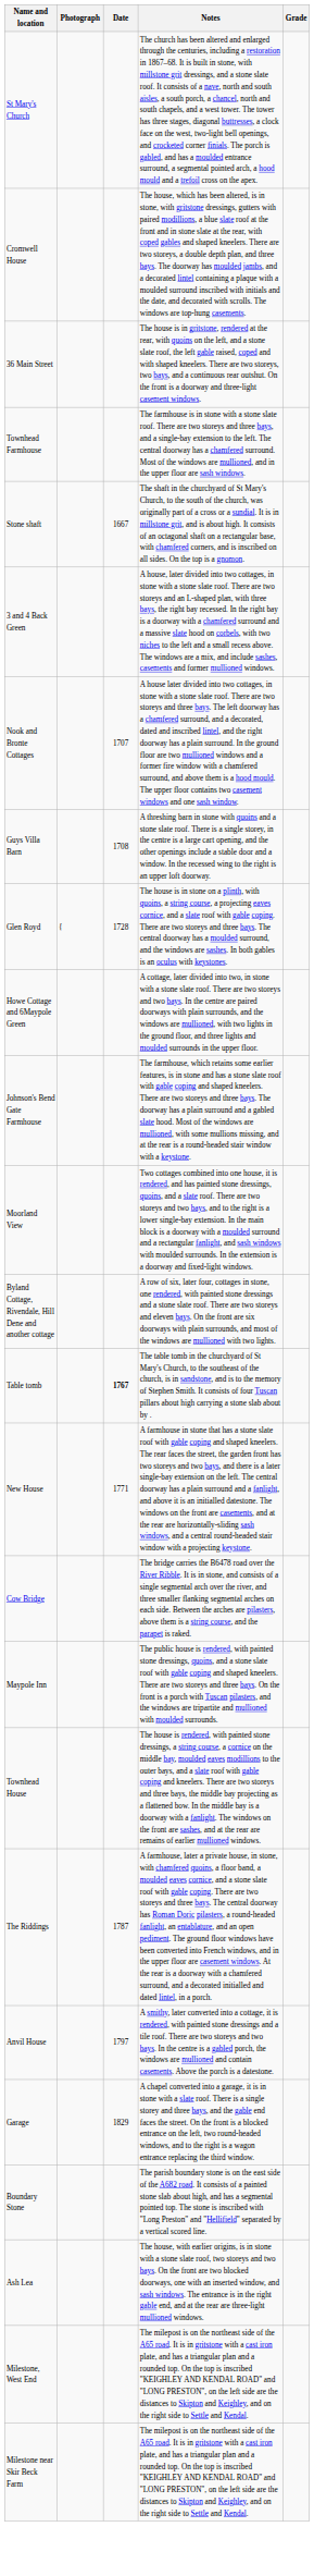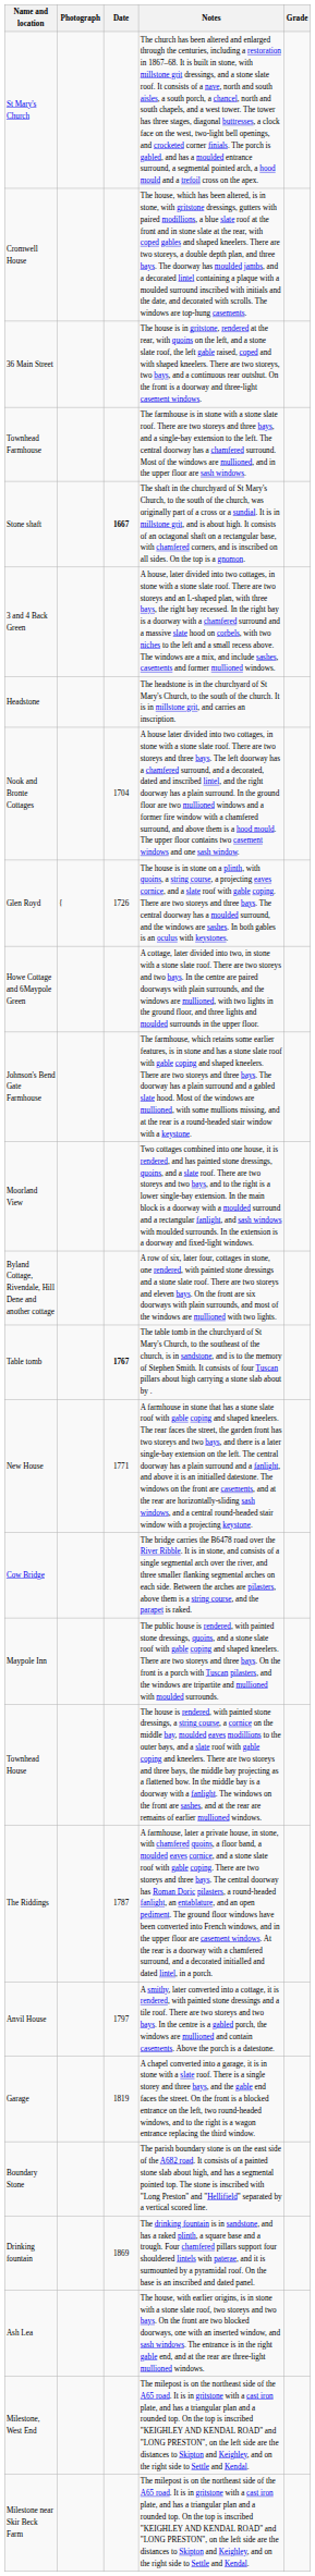 <table class="wikitable sortable plainrowheaders" style="width:100%; border:0px; text-align:left; line-height:150%">
 <tr>
 <th scope="col"  style="width:150px">Name and location</th>
 <th scope="col"  style="width:100px" class="unsortable">Photograph</th>
 <th scope="col"  style="width:120px">Date</th>
 <th scope="col"  style="width:650px" class="unsortable">Notes</th>
 <th scope="col"  style="width:50px">Grade</th>
 </tr>
 <tr>
 <td><a href='#'>St Mary's Church</a><br><small></small></td>
 <td></td>
 <td align="center"></td>
 <td>The church has  been altered and enlarged through the centuries, including a <a href='#'>restoration</a> in 1867–68. It is built in stone, with <a href='#'>millstone grit</a> dressings, and a stone slate roof. It consists of a <a href='#'>nave</a>, north and south <a href='#'>aisles</a>, a south porch, a <a href='#'>chancel</a>, north and south chapels, and a west tower. The tower has three stages, diagonal <a href='#'>buttresses</a>, a clock face on the west, two-light bell openings, and <a href='#'>crocketed</a> corner <a href='#'>finials</a>. The porch is <a href='#'>gabled</a>, and has a <a href='#'>moulded</a> entrance surround, a segmental pointed arch, a <a href='#'>hood mould</a> and a <a href='#'>trefoil</a> cross on the apex.</td>
 <td align="center" ></td>
 </tr>
 <tr>
 <td>Cromwell House<br><small></small></td>
 <td></td>
 <td align="center"></td>
 <td>The house, which has  been altered, is in stone, with <a href='#'>gritstone</a> dressings, gutters with paired <a href='#'>modillions</a>, a blue <a href='#'>slate</a> roof at the front and in stone slate at the rear, with <a href='#'>coped</a> <a href='#'>gables</a> and shaped kneelers. There are two storeys, a double depth plan, and three <a href='#'>bays</a>. The doorway has <a href='#'>moulded</a> <a href='#'>jambs</a>, and a decorated <a href='#'>lintel</a> containing a plaque with a moulded surround inscribed with initials and the date, and decorated with scrolls. The windows are top-hung <a href='#'>casements</a>.</td>
 <td align="center" ></td>
 </tr>
 <tr>
 <td>36 Main Street<br><small></small></td>
 <td></td>
 <td align="center"></td>
 <td>The house is in <a href='#'>gritstone</a>, <a href='#'>rendered</a> at the rear, with <a href='#'>quoins</a> on the left, and a stone slate roof, the left <a href='#'>gable</a> raised, <a href='#'>coped</a> and with shaped kneelers. There are two storeys, two <a href='#'>bays</a>, and a continuous rear outshut. On the front is a doorway and three-light <a href='#'>casement windows</a>.</td>
 <td align="center" ></td>
 </tr>
 <tr>
 <td>Townhead Farmhouse<br><small></small></td>
 <td></td>
 <td align="center"></td>
 <td>The farmhouse is in stone with a stone slate roof. There are two storeys and three <a href='#'>bays</a>, and a single-bay extension to the left. The central doorway has a <a href='#'>chamfered</a> surround. Most of the windows are <a href='#'>mullioned</a>, and in the upper floor are <a href='#'>sash windows</a>.</td>
 <td align="center" ></td>
 </tr>
 <tr>
 <td>Stone shaft<br><small></small></td>
 <td></td>
-<td align="center">1667</td>
+<td align="center"><strong>1667</strong></td>
 <td>The shaft in the churchyard of St Mary's Church, to the south of the church, was originally part of a cross or a <a href='#'>sundial</a>. It is in <a href='#'>millstone grit</a>, and is about  high. It consists of an octagonal shaft on a rectangular base, with <a href='#'>chamfered</a> corners, and is inscribed on all sides. On the top is a <a href='#'>gnomon</a>.</td>
 <td align="center" ></td>
 </tr>
 <tr>
 <td>3 and 4 Back Green<br><small></small></td>
 <td></td>
 <td align="center"></td>
 <td>A house, later divided into two cottages, in stone with a stone slate roof. There are two storeys and an L-shaped plan, with three <a href='#'>bays</a>, the right bay recessed. In the right bay is a doorway with a <a href='#'>chamfered</a> surround and a massive <a href='#'>slate</a> hood on <a href='#'>corbels</a>, with two <a href='#'>niches</a> to the left and a small recess above. The windows are a mix, and include <a href='#'>sashes</a>, <a href='#'>casements</a> and former <a href='#'>mullioned</a> windows.</td>
 <td align="center" ></td>
 </tr>
 <tr>
-<td>Nook and Bronte Cottages<br><small></small></td>
+<td>Headstone<br><small></small></td>
 <td></td>
-<td align="center">1707</td>
-<td>A house later divided into two cottages, in stone with a stone slate roof. There are two storeys and three <a href='#'>bays</a>. The left doorway has a <a href='#'>chamfered</a> surround, and a decorated, dated and inscribed <a href='#'>lintel</a>, and the right doorway has a plain surround. In the ground floor are two <a href='#'>mullioned</a> windows and a former fire window with a chamfered surround, and above them is a <a href='#'>hood mould</a>. The upper floor contains two <a href='#'>casement windows</a> and one <a href='#'>sash window</a>.</td>
+<td align="center"></td>
+<td>The headstone is in the churchyard of St Mary's Church, to the south of the church. It is in <a href='#'>millstone grit</a>, and carries an inscription.</td>
 <td align="center" ></td>
 </tr>
 <tr>
-<td>Guys Villa Barn<br><small></small></td>
+<td>Nook and Bronte Cottages<br><small></small></td>
 <td></td>
-<td align="center">1708</td>
-<td>A threshing barn in stone with <a href='#'>quoins</a> and a stone slate roof. There is a single storey, in the centre is a large cart opening, and the other openings include a stable door and a window. In the recessed wing to the right is an upper loft doorway.</td>
+<td align="center">1704</td>
+<td>A house later divided into two cottages, in stone with a stone slate roof. There are two storeys and three <a href='#'>bays</a>. The left doorway has a <a href='#'>chamfered</a> surround, and a decorated, dated and inscribed <a href='#'>lintel</a>, and the right doorway has a plain surround. In the ground floor are two <a href='#'>mullioned</a> windows and a former fire window with a chamfered surround, and above them is a <a href='#'>hood mould</a>. The upper floor contains two <a href='#'>casement windows</a> and one <a href='#'>sash window</a>.</td>
 <td align="center" ></td>
 </tr>
 <tr>
 <td>Glen Royd<br><small></small></td>
 <td>{</td>
-<td align="center">1728</td>
+<td align="center">1726</td>
 <td>The house is in stone on a <a href='#'>plinth</a>, with <a href='#'>quoins</a>, a <a href='#'>string course</a>, a projecting <a href='#'>eaves</a> <a href='#'>cornice</a>, and a <a href='#'>slate</a> roof with <a href='#'>gable</a> <a href='#'>coping</a>. There are two storeys and three <a href='#'>bays</a>. The central doorway has a <a href='#'>moulded</a> surround, and the windows are <a href='#'>sashes</a>. In both gables is an <a href='#'>oculus</a> with <a href='#'>keystones</a>.</td>
 <td align="center" ></td>
 </tr>
 <tr>
 <td>Howe Cottage and 6Maypole Green<br><small></small></td>
 <td></td>
 <td align="center"></td>
 <td>A cottage, later divided into two, in stone with a stone slate roof. There are two storeys and two <a href='#'>bays</a>. In the centre are paired doorways with plain surrounds, and the windows are <a href='#'>mullioned</a>, with two lights in the ground floor, and three lights and <a href='#'>moulded</a> surrounds in the upper floor.</td>
 <td align="center" ></td>
 </tr>
 <tr>
 <td>Johnson's Bend Gate Farmhouse<br><small></small></td>
 <td></td>
 <td align="center"></td>
 <td>The farmhouse, which retains some earlier features, is in stone and has a stone slate roof with <a href='#'>gable</a> <a href='#'>coping</a> and shaped kneelers. There are two storeys and three <a href='#'>bays</a>. The doorway has a plain surround and a gabled <a href='#'>slate</a> hood. Most of the windows are <a href='#'>mullioned</a>, with some mullions missing, and at the rear is a round-headed stair window with a <a href='#'>keystone</a>.</td>
 <td align="center" ></td>
 </tr>
 <tr>
 <td>Moorland View<br><small></small></td>
 <td></td>
 <td align="center"></td>
 <td>Two cottages combined into one house, it is <a href='#'>rendered</a>, and has painted stone dressings, <a href='#'>quoins</a>, and a <a href='#'>slate</a> roof. There are two storeys and two <a href='#'>bays</a>, and to the right is a lower single-bay extension. In the main block is a doorway with a <a href='#'>moulded</a> surround and a rectangular <a href='#'>fanlight</a>, and <a href='#'>sash windows</a> with moulded surrounds. In the extension is a doorway and fixed-light windows.</td>
 <td align="center" ></td>
 </tr>
 <tr>
 <td>Byland Cottage, Rivendale, Hill Dene and another cottage<br><small></small></td>
 <td></td>
 <td align="center"></td>
 <td>A row of six, later four, cottages in stone, one <a href='#'>rendered</a>, with painted stone dressings and a stone slate roof. There are two storeys and eleven <a href='#'>bays</a>. On the front are six doorways with plain surrounds, and most of the windows are <a href='#'>mullioned</a> with two lights.</td>
 <td align="center" ></td>
 </tr>
 <tr>
 <td>Table tomb<br><small></small></td>
 <td></td>
 <td align="center"><strong>1767</strong></td>
 <td>The table tomb in the churchyard of St Mary's Church, to the southeast of the church, is in <a href='#'>sandstone</a>, and is to the memory of Stephen Smith. It consists of four <a href='#'>Tuscan</a> pillars about  high carrying a stone slab about  by .</td>
 <td align="center" ></td>
 </tr>
 <tr>
 <td>New House<br><small></small></td>
 <td></td>
 <td align="center">1771</td>
 <td>A farmhouse in stone that has a stone slate roof with <a href='#'>gable</a> <a href='#'>coping</a> and shaped kneelers. The rear faces the street,  the garden front has two storeys and two <a href='#'> bays</a>, and there is a later single-bay extension on the left. The central doorway has a plain surround and a <a href='#'>fanlight</a>, and above it is an initialled datestone. The windows on the front are <a href='#'>casements</a>, and at the rear are horizontally-sliding <a href='#'>sash windows</a>, and a central round-headed stair window with a projecting <a href='#'>keystone</a>.</td>
 <td align="center" ></td>
 </tr>
 <tr>
 <td><a href='#'>Cow Bridge</a><br><small></small></td>
 <td></td>
 <td align="center"></td>
 <td>The bridge carries the B6478 road over the <a href='#'>River Ribble</a>. It is in stone, and consists of a single segmental arch over the river, and three smaller flanking segmental arches on each side. Between the arches are <a href='#'>pilasters</a>, above them is a <a href='#'>string course</a>, and the <a href='#'>parapet</a> is raked.</td>
 <td align="center" ></td>
 </tr>
 <tr>
 <td>Maypole Inn<br><small></small></td>
 <td></td>
 <td align="center"></td>
 <td>The public house is <a href='#'>rendered</a>, with painted stone dressings, <a href='#'>quoins</a>, and a stone slate roof with <a href='#'>gable</a> <a href='#'>coping</a> and shaped kneelers. There are two storeys and three <a href='#'>bays</a>. On the front is a porch with <a href='#'>Tuscan</a> <a href='#'>pilasters</a>, and the windows are tripartite and <a href='#'>mullioned</a> with <a href='#'>moulded</a> surrounds.</td>
 <td align="center" ></td>
 </tr>
 <tr>
 <td>Townhead House<br><small></small></td>
 <td></td>
 <td align="center"></td>
 <td>The house is <a href='#'>rendered</a>, with painted stone dressings, a <a href='#'>string course</a>, a <a href='#'>cornice</a> on the middle <a href='#'>bay</a>, <a href='#'>moulded</a> <a href='#'>eaves</a> <a href='#'>modillions</a> to the outer bays, and a <a href='#'>slate</a> roof with <a href='#'>gable</a> <a href='#'>coping</a> and kneelers. There are two storeys and three bays, the middle bay projecting as a flattened bow. In the middle bay is a doorway with a <a href='#'>fanlight</a>. The windows on the front are <a href='#'>sashes</a>, and at the rear are remains of earlier <a href='#'>mullioned</a> windows.</td>
 <td align="center" ></td>
 </tr>
 <tr>
 <td>The Riddings<br><small></small></td>
 <td></td>
 <td align="center">1787</td>
 <td>A farmhouse, later a private house, in stone, with <a href='#'>chamfered</a> <a href='#'>quoins</a>, a floor band, a <a href='#'>moulded</a> <a href='#'>eaves</a> <a href='#'>cornice</a>, and a stone slate roof with <a href='#'>gable</a> <a href='#'>coping</a>. There are two storeys and three <a href='#'>bays</a>. The central doorway has <a href='#'>Roman Doric</a> <a href='#'>pilasters</a>, a round-headed <a href='#'>fanlight</a>, an <a href='#'>entablature</a>, and an open <a href='#'>pediment</a>. The ground floor windows have been converted into French windows, and in the upper floor are <a href='#'>casement windows</a>. At the rear is a doorway with a chamfered surround, and a decorated initialled and dated <a href='#'>lintel</a>, in a porch.</td>
 <td align="center" ></td>
 </tr>
 <tr>
 <td>Anvil House<br><small></small></td>
 <td></td>
 <td align="center">1797</td>
 <td>A <a href='#'>smithy</a>, later converted into a cottage, it is <a href='#'>rendered</a>, with painted stone dressings and a tile roof. There are two storeys and two <a href='#'>bays</a>. In the centre is a <a href='#'>gabled</a> porch, the windows are <a href='#'>mullioned</a> and contain <a href='#'>casements</a>. Above the porch is a datestone.</td>
 <td align="center" ></td>
 </tr>
 <tr>
 <td>Garage<br><small></small></td>
 <td></td>
-<td align="center">1829</td>
+<td align="center">1819</td>
 <td>A chapel converted into a garage, it is in stone with a <a href='#'>slate</a> roof. There is a single storey and three <a href='#'>bays</a>, and the <a href='#'>gable</a> end faces the street. On the front is a blocked entrance on the left, two round-headed windows, and to the right is a wagon entrance replacing the third window.</td>
 <td align="center" ></td>
 </tr>
 <tr>
 <td>Boundary Stone<br><small></small></td>
 <td></td>
 <td align="center"></td>
 <td>The parish boundary stone is on the east side of the <a href='#'>A682 road</a>. It consists of a painted stone slab about  high, and has a segmental pointed top. The stone is inscribed with "Long Preston" and "<a href='#'>Hellifield</a>" separated by a vertical scored line.</td>
+<td align="center" ></td>
+</tr>
+<tr>
+<td>Drinking fountain<br><small></small></td>
+<td></td>
+<td align="center">1869</td>
+<td>The <a href='#'>drinking fountain</a> is in <a href='#'>sandstone</a>, and has a raked <a href='#'>plinth</a>, a square base and a trough. Four <a href='#'>chamfered</a> pillars support four shouldered <a href='#'>lintels</a> with <a href='#'>paterae</a>, and it is surmounted by a pyramidal roof. On the base is an inscribed and dated panel.</td>
 <td align="center" ></td>
 </tr>
 <tr>
 <td>Ash Lea<br><small></small></td>
 <td></td>
 <td align="center"></td>
 <td>The house, with earlier origins, is in stone with a stone slate roof, two storeys and two <a href='#'>bays</a>. On the front are two blocked doorways, one with an inserted window, and <a href='#'>sash windows</a>. The entrance is in the right <a href='#'>gable</a> end, and at the rear are three-light <a href='#'>mullioned</a> windows.</td>
 <td align="center" ></td>
 </tr>
 <tr>
 <td>Milestone, West End<br><small></small></td>
 <td></td>
 <td align="center"></td>
 <td>The milepost is on the northeast side of the <a href='#'>A65 road</a>. It is in <a href='#'>gritstone</a> with a <a href='#'>cast iron</a> plate, and has a triangular plan and a rounded top. On the top is inscribed "KEIGHLEY AND KENDAL ROAD" and "LONG PRESTON", on the left side are the distances to <a href='#'>Skipton</a> and <a href='#'>Keighley</a>, and on the right side to <a href='#'>Settle</a> and <a href='#'>Kendal</a>.</td>
 <td align="center" ></td>
 </tr>
 <tr>
 <td>Milestone near Skir Beck Farm<br><small></small></td>
 <td></td>
 <td align="center"></td>
 <td>The milepost is on the northeast side of the <a href='#'>A65 road</a>. It is in <a href='#'>gritstone</a> with a <a href='#'>cast iron</a> plate, and has a triangular plan and a rounded top. On the top is inscribed "KEIGHLEY AND KENDAL ROAD" and "LONG PRESTON", on the left side are the distances to <a href='#'>Skipton</a> and <a href='#'>Keighley</a>, and on the right side to <a href='#'>Settle</a> and <a href='#'>Kendal</a>.</td>
 <td align="center" ></td>
 </tr>
 <tr>
 </tr>
 </table>
